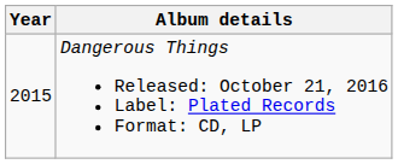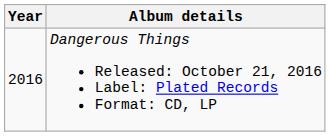 <table class ="wikitable">
 <tr>
 <th>Year</th>
 <th>Album details</th>
 </tr>
 <tr>
-<td>2015</td>
+<td>2016</td>
 <td><em>Dangerous Things</em><br><ul><li>Released: October 21, 2016</li><li>Label: <a href='#'>Plated Records</a></li><li>Format: CD, LP</li></ul></td>
 </tr>
 </table>
